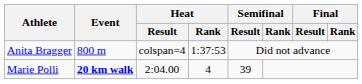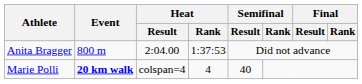 <table class=wikitable style="font-size:90%">
 <tr>
 <th rowspan="2">Athlete</th>
 <th rowspan="2">Event</th>
 <th colspan="2">Heat</th>
 <th colspan="2">Semifinal</th>
 <th colspan="2">Final</th>
 </tr>
 <tr style="font-size:95%">
 <th>Result</th>
 <th>Rank</th>
 <th>Result</th>
 <th>Rank</th>
 <th>Result</th>
 <th>Rank</th>
 </tr>
 <tr align=center>
 <td align=left><a href='#'>Anita Bragger</a></td>
 <td align=left><a href='#'>800 m</a></td>
-<td>colspan=4 </td>
+<td>2:04.00</td>
 <td>1:37:53</td>
 <td colspan=4>Did not advance</td>
 </tr>
 <tr align=center>
 <td align=left><a href='#'>Marie Polli</a></td>
 <td align=left><strong><a href='#'>20 km walk</a></strong></td>
-<td>2:04.00</td>
+<td>colspan=4 </td>
 <td>4</td>
-<td>39</td>
+<td>40</td>
 </tr>
 </table>
